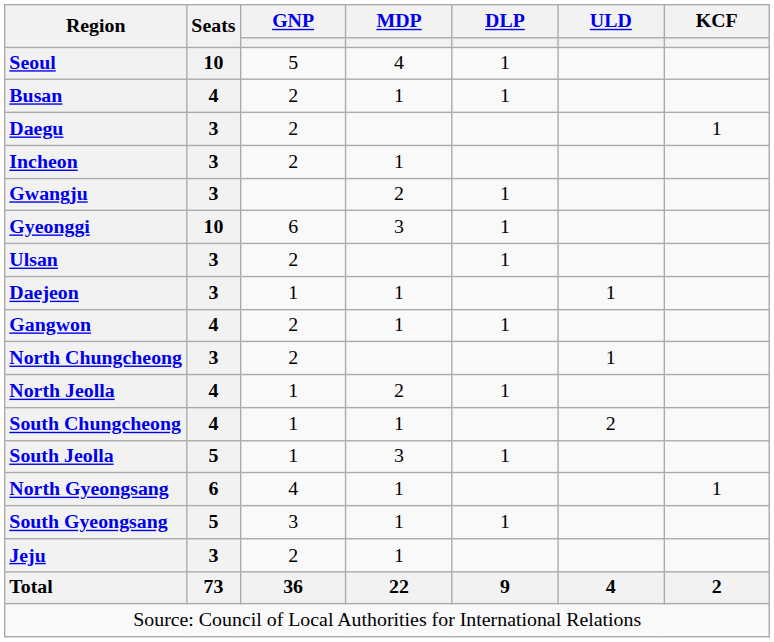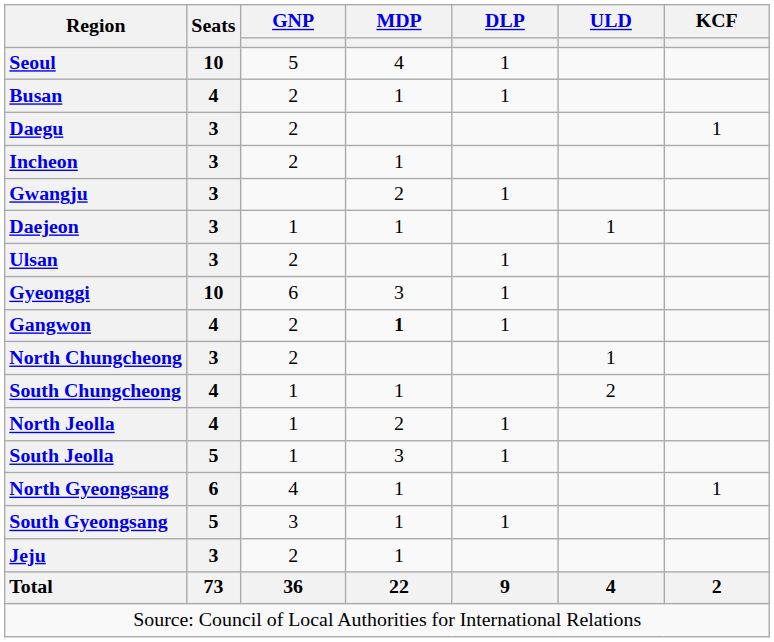 <table class="wikitable" style="text-align:center; font-size: 0.9em;">
 <tr>
 <th rowspan="2">Region</th>
 <th rowspan="2">Seats</th>
 <th class="unsortable" style="width:70px;"><a href='#'>GNP</a></th>
 <th class="unsortable" style="width:70px;"><a href='#'>MDP</a></th>
 <th class="unsortable" style="width:70px;"><a href='#'>DLP</a></th>
 <th class="unsortable" style="width:70px;"><a href='#'>ULD</a></th>
 <th class="unsortable" style="width:70px;">KCF</th>
 </tr>
 <tr>
 <th style="background:"></th>
 <th style="background:"></th>
 <th style="background:"></th>
 <th style="background:"></th>
 <th></th>
 </tr>
 <tr>
 <th style="text-align: left;"><a href='#'>Seoul</a></th>
 <th>10</th>
 <td>5</td>
 <td>4</td>
 <td>1</td>
 <td></td>
 <td></td>
 </tr>
 <tr>
 <th style="text-align: left;"><a href='#'>Busan</a></th>
 <th>4</th>
 <td>2</td>
 <td>1</td>
 <td>1</td>
 <td></td>
 <td></td>
 </tr>
 <tr>
 <th style="text-align: left;"><a href='#'>Daegu</a></th>
 <th>3</th>
 <td>2</td>
 <td></td>
 <td></td>
 <td></td>
 <td>1</td>
 </tr>
 <tr>
 <th style="text-align: left;"><a href='#'>Incheon</a></th>
 <th>3</th>
 <td>2</td>
 <td>1</td>
 <td></td>
 <td></td>
 <td></td>
 </tr>
 <tr>
 <th style="text-align: left;"><a href='#'>Gwangju</a></th>
 <th>3</th>
 <td></td>
 <td>2</td>
 <td>1</td>
 <td></td>
 <td></td>
 </tr>
 <tr>
-<th style="text-align: left;"><a href='#'>Gyeonggi</a></th>
-<th>10</th>
-<td>6</td>
-<td>3</td>
+<th style="text-align: left;"><a href='#'>Daejeon</a></th>
+<th>3</th>
+<td>1</td>
 <td>1</td>
 <td></td>
+<td>1</td>
 <td></td>
 </tr>
 <tr>
 <th style="text-align: left;"><a href='#'>Ulsan</a></th>
 <th>3</th>
 <td>2</td>
 <td></td>
 <td>1</td>
 <td></td>
 <td></td>
 </tr>
 <tr>
-<th style="text-align: left;"><a href='#'>Daejeon</a></th>
-<th>3</th>
-<td>1</td>
+<th style="text-align: left;"><a href='#'>Gyeonggi</a></th>
+<th>10</th>
+<td>6</td>
+<td>3</td>
 <td>1</td>
 <td></td>
-<td>1</td>
 <td></td>
 </tr>
 <tr>
 <th style="text-align: left;"><a href='#'>Gangwon</a></th>
 <th>4</th>
 <td>2</td>
-<td>1</td>
+<td><strong>1</strong></td>
 <td>1</td>
 <td></td>
 <td></td>
 </tr>
 <tr>
 <th style="text-align: left;"><a href='#'>North Chungcheong</a></th>
 <th>3</th>
 <td>2</td>
 <td></td>
 <td></td>
 <td>1</td>
 <td></td>
 </tr>
 <tr>
+<th style="text-align: left;"><a href='#'>South Chungcheong</a></th>
+<th>4</th>
+<td>1</td>
+<td>1</td>
+<td></td>
+<td>2</td>
+<td></td>
+</tr>
+<tr>
 <th style="text-align: left;"><a href='#'>North Jeolla</a></th>
 <th>4</th>
 <td>1</td>
 <td>2</td>
 <td>1</td>
 <td></td>
-<td></td>
-</tr>
-<tr>
-<th style="text-align: left;"><a href='#'>South Chungcheong</a></th>
-<th>4</th>
-<td>1</td>
-<td>1</td>
-<td></td>
-<td>2</td>
 <td></td>
 </tr>
 <tr>
 <th style="text-align: left;"><a href='#'>South Jeolla</a></th>
 <th>5</th>
 <td>1</td>
 <td>3</td>
 <td>1</td>
 <td></td>
 <td></td>
 </tr>
 <tr>
 <th style="text-align: left;"><a href='#'>North Gyeongsang</a></th>
 <th>6</th>
 <td>4</td>
 <td>1</td>
 <td></td>
 <td></td>
 <td>1</td>
 </tr>
 <tr>
 <th style="text-align: left;"><a href='#'>South Gyeongsang</a></th>
 <th>5</th>
 <td>3</td>
 <td>1</td>
 <td>1</td>
 <td></td>
 <td></td>
 </tr>
 <tr>
 <th style="text-align: left;"><a href='#'>Jeju</a></th>
 <th>3</th>
 <td>2</td>
 <td>1</td>
 <td></td>
 <td></td>
 <td></td>
 </tr>
 <tr class="sortbottom">
 <th style="text-align: left;">Total</th>
 <th>73</th>
 <th>36</th>
 <th>22</th>
 <th>9</th>
 <th>4</th>
 <th>2</th>
 </tr>
 <tr>
 <td colspan="7">Source: Council of Local Authorities for International Relations</td>
 </tr>
 </table>
